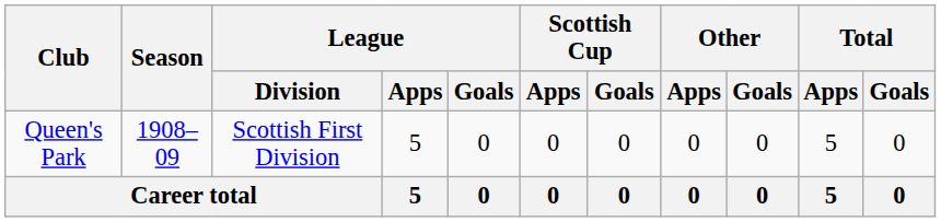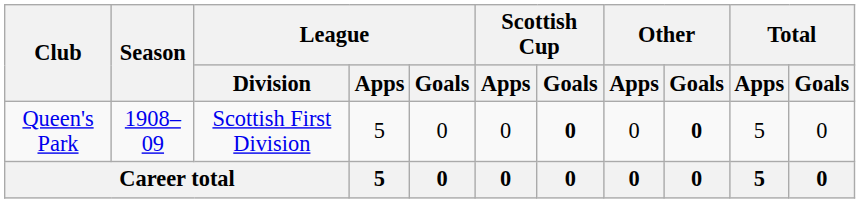 <table class="wikitable" style="text-align: center;">
 <tr>
 <th rowspan="2">Club</th>
 <th rowspan="2">Season</th>
 <th colspan="3">League</th>
 <th colspan="2">Scottish Cup</th>
 <th colspan="2">Other</th>
 <th colspan="2">Total</th>
 </tr>
 <tr>
 <th>Division</th>
 <th>Apps</th>
 <th>Goals</th>
 <th>Apps</th>
 <th>Goals</th>
 <th>Apps</th>
 <th>Goals</th>
 <th>Apps</th>
 <th>Goals</th>
 </tr>
 <tr>
 <td><a href='#'>Queen's Park</a></td>
 <td><a href='#'>1908–09</a></td>
 <td><a href='#'>Scottish First Division</a></td>
 <td>5</td>
 <td>0</td>
 <td>0</td>
+<td><strong>0</strong></td>
 <td>0</td>
-<td>0</td>
-<td>0</td>
+<td><strong>0</strong></td>
 <td>5</td>
 <td>0</td>
 </tr>
 <tr>
 <th colspan="3">Career total</th>
 <th>5</th>
 <th>0</th>
 <th>0</th>
 <th>0</th>
 <th>0</th>
 <th>0</th>
 <th>5</th>
 <th>0</th>
 </tr>
 </table>
